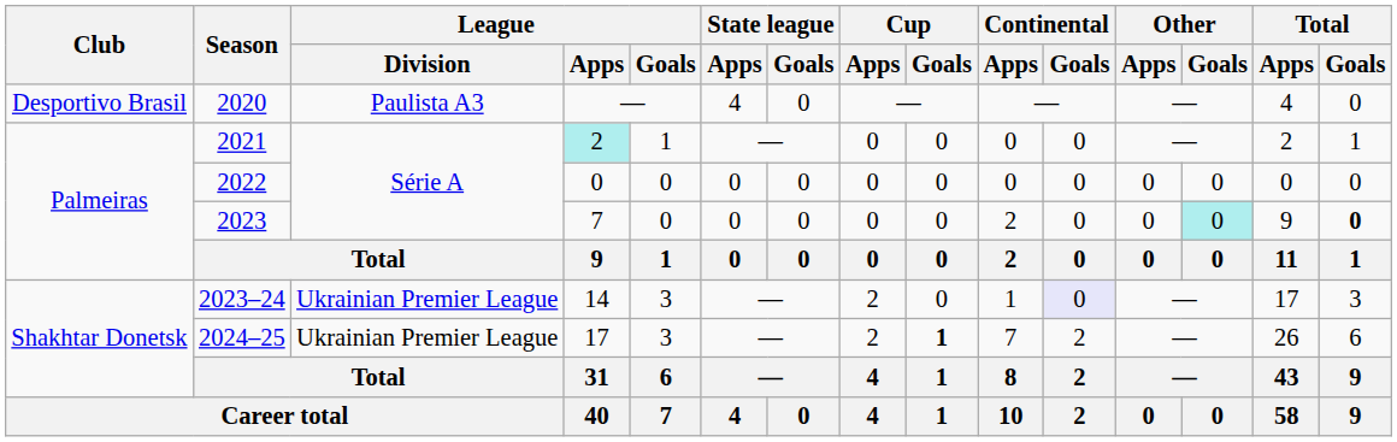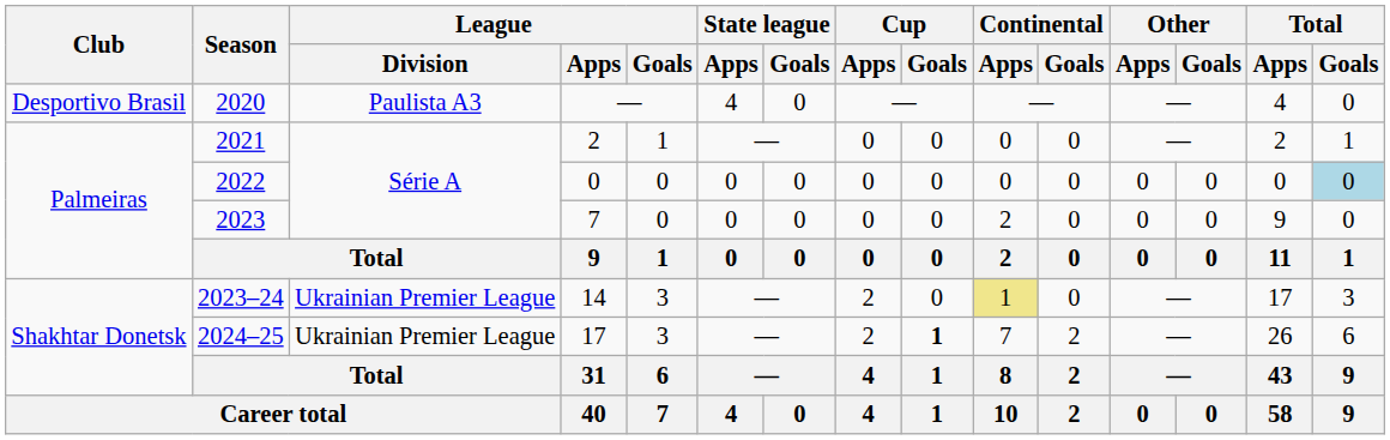 <table class="wikitable" style="text-align: center">
 <tr>
 <th rowspan="2">Club</th>
 <th rowspan="2">Season</th>
 <th colspan="3">League</th>
 <th colspan="2">State league</th>
 <th colspan="2">Cup</th>
 <th colspan="2">Continental</th>
 <th colspan="2">Other</th>
 <th colspan="2">Total</th>
 </tr>
 <tr>
 <th>Division</th>
 <th>Apps</th>
 <th>Goals</th>
 <th>Apps</th>
 <th>Goals</th>
 <th>Apps</th>
 <th>Goals</th>
 <th>Apps</th>
 <th>Goals</th>
 <th>Apps</th>
 <th>Goals</th>
 <th>Apps</th>
 <th>Goals</th>
 </tr>
 <tr>
 <td><a href='#'>Desportivo Brasil</a></td>
 <td><a href='#'>2020</a></td>
 <td><a href='#'>Paulista A3</a></td>
 <td colspan="2">—</td>
 <td>4</td>
 <td>0</td>
 <td colspan="2">—</td>
 <td colspan="2">—</td>
 <td colspan="2">—</td>
 <td>4</td>
 <td>0</td>
 </tr>
 <tr>
 <td rowspan="4"><a href='#'>Palmeiras</a></td>
 <td><a href='#'>2021</a></td>
 <td rowspan="3"><a href='#'>Série A</a></td>
-<td style="background: paleturquoise;">2</td>
+<td>2</td>
 <td>1</td>
 <td colspan="2">—</td>
 <td>0</td>
 <td>0</td>
 <td>0</td>
 <td>0</td>
 <td colspan="2">—</td>
 <td>2</td>
 <td>1</td>
 </tr>
 <tr>
 <td><a href='#'>2022</a></td>
 <td>0</td>
 <td>0</td>
 <td>0</td>
 <td>0</td>
 <td>0</td>
 <td>0</td>
 <td>0</td>
 <td>0</td>
 <td>0</td>
 <td>0</td>
 <td>0</td>
-<td>0</td>
+<td style="background: lightblue;">0</td>
 </tr>
 <tr>
 <td><a href='#'>2023</a></td>
 <td>7</td>
 <td>0</td>
 <td>0</td>
 <td>0</td>
 <td>0</td>
 <td>0</td>
 <td>2</td>
 <td>0</td>
 <td>0</td>
-<td style="background: paleturquoise;">0</td>
+<td>0</td>
 <td>9</td>
-<td><strong>0</strong></td>
+<td>0</td>
 </tr>
 <tr>
 <th colspan="2">Total</th>
 <th>9</th>
 <th>1</th>
 <th>0</th>
 <th>0</th>
 <th>0</th>
 <th>0</th>
 <th>2</th>
 <th>0</th>
 <th>0</th>
 <th>0</th>
 <th>11</th>
 <th>1</th>
 </tr>
 <tr>
 <td rowspan="3"><a href='#'>Shakhtar Donetsk</a></td>
 <td><a href='#'>2023–24</a></td>
 <td><a href='#'>Ukrainian Premier League</a></td>
 <td>14</td>
 <td>3</td>
 <td colspan="2">—</td>
 <td>2</td>
 <td>0</td>
-<td>1</td>
-<td style="background: lavender;">0</td>
+<td style="background: khaki;">1</td>
+<td>0</td>
 <td colspan="2">—</td>
 <td>17</td>
 <td>3</td>
 </tr>
 <tr>
 <td><a href='#'>2024–25</a></td>
 <td>Ukrainian Premier League</td>
 <td>17</td>
 <td>3</td>
 <td colspan="2">—</td>
 <td>2</td>
 <td><strong>1</strong></td>
 <td>7</td>
 <td>2</td>
 <td colspan="2">—</td>
 <td>26</td>
 <td>6</td>
 </tr>
 <tr>
 <th colspan="2">Total</th>
 <th>31</th>
 <th>6</th>
 <th colspan="2">—</th>
 <th>4</th>
 <th>1</th>
 <th>8</th>
 <th>2</th>
 <th colspan="2">—</th>
 <th>43</th>
 <th>9</th>
 </tr>
 <tr>
 <th colspan="3"><strong>Career total</strong></th>
 <th>40</th>
 <th>7</th>
 <th>4</th>
 <th>0</th>
 <th>4</th>
 <th>1</th>
 <th>10</th>
 <th>2</th>
 <th>0</th>
 <th>0</th>
 <th>58</th>
 <th>9</th>
 </tr>
 </table>
